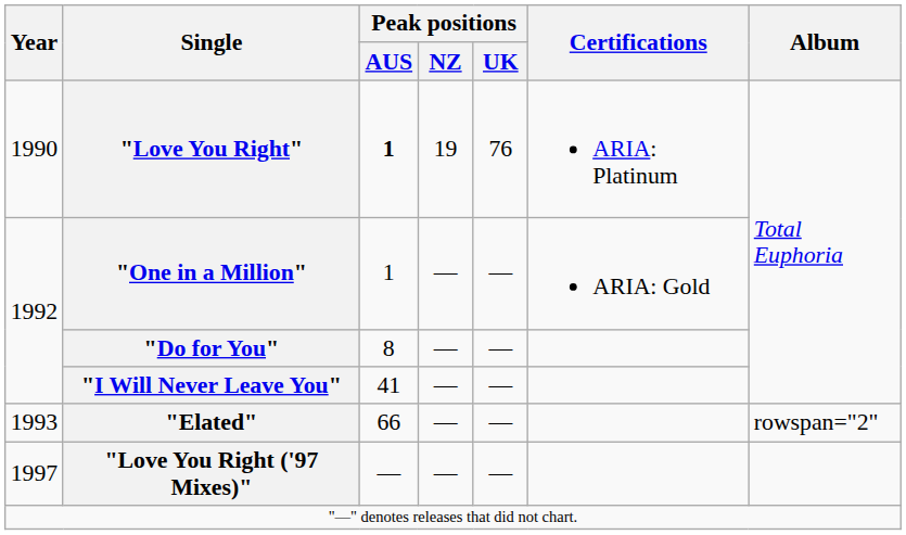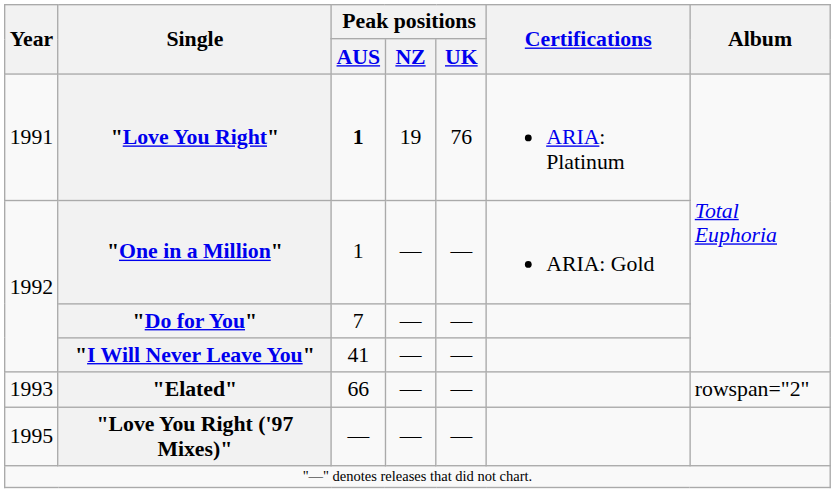 <table class="wikitable plainrowheaders">
 <tr>
 <th scope="col" rowspan="2">Year</th>
 <th scope="col" rowspan="2">Single</th>
 <th scope="col" colspan="3">Peak positions</th>
 <th scope="col" rowspan="2"><a href='#'>Certifications</a><br></th>
 <th scope="col" rowspan="2">Album</th>
 </tr>
 <tr>
 <th width="30"><a href='#'>AUS</a><br></th>
 <th width="30"><a href='#'>NZ</a><br></th>
 <th width="30"><a href='#'>UK</a><br></th>
 </tr>
 <tr>
-<td>1990</td>
+<td>1991</td>
 <th scope="row">"<a href='#'>Love You Right</a>"</th>
 <td align="center"><strong>1</strong></td>
 <td align="center">19</td>
 <td align="center">76</td>
 <td><br><ul><li><a href='#'>ARIA</a>: Platinum</li></ul></td>
 <td rowspan=4><em><a href='#'>Total Euphoria</a></em></td>
 </tr>
 <tr>
 <td rowspan=3>1992</td>
 <th scope="row">"<a href='#'>One in a Million</a>"</th>
 <td align="center">1</td>
 <td align="center">—</td>
 <td align="center">—</td>
 <td><br><ul><li>ARIA: Gold</li></ul></td>
 </tr>
 <tr>
 <th scope="row">"<a href='#'>Do for You</a>"</th>
-<td align="center">8</td>
+<td align="center">7</td>
 <td align="center">—</td>
 <td align="center">—</td>
 <td></td>
 </tr>
 <tr>
 <th scope="row">"<a href='#'>I Will Never Leave You</a>"</th>
 <td align="center">41</td>
 <td align="center">—</td>
 <td align="center">—</td>
 <td></td>
 </tr>
 <tr>
 <td>1993</td>
 <th scope="row">"Elated"</th>
 <td align="center">66</td>
 <td align="center">—</td>
 <td align="center">—</td>
 <td></td>
 <td>rowspan="2" </td>
 </tr>
 <tr>
-<td>1997</td>
+<td>1995</td>
 <th scope="row">"Love You Right ('97 Mixes)"</th>
 <td align="center">—</td>
 <td align="center">—</td>
 <td align="center">—</td>
 <td></td>
 </tr>
 <tr>
 <td align="center" colspan="8" style="font-size: 8pt">"—" denotes releases that did not chart.</td>
 </tr>
 </table>
